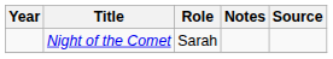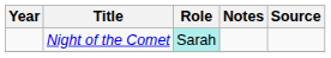 <table class="wikitable sortable plainrowheaders">
 <tr>
 <th>Year</th>
 <th>Title</th>
 <th>Role</th>
 <th class="unsortable">Notes</th>
 <th class="unsortable">Source</th>
 </tr>
 <tr>
 <td></td>
 <td><em><a href='#'>Night of the Comet</a></em></td>
-<td>Sarah</td>
+<td style="background: paleturquoise;">Sarah</td>
 <td></td>
 <td></td>
 </tr>
 <tr>
 </tr>
 </table>
